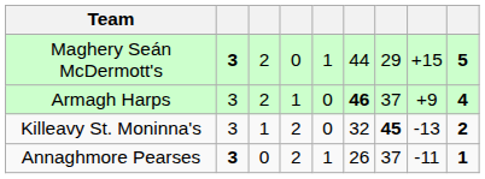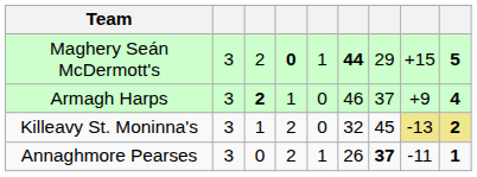 <table class="wikitable" style="text-align:center">
 <tr>
 <th style="width:175px;">Team</th>
 <th width="20"></th>
 <th width="20"></th>
 <th width="20"></th>
 <th width="20"></th>
 <th width="20"></th>
 <th width="20"></th>
 <th width="20"></th>
 <th width="20"></th>
 </tr>
 <tr style="background:#cfc;">
 <td>Maghery Seán McDermott's</td>
-<td><strong>3</strong></td>
+<td>3</td>
 <td>2</td>
-<td>0</td>
+<td><strong>0</strong></td>
 <td>1</td>
-<td>44</td>
+<td><strong>44</strong></td>
 <td>29</td>
 <td>+15</td>
 <td><strong>5</strong></td>
 </tr>
 <tr style="background:#cfc;">
 <td>Armagh Harps</td>
 <td>3</td>
-<td>2</td>
+<td><strong>2</strong></td>
 <td>1</td>
 <td>0</td>
-<td><strong>46</strong></td>
+<td>46</td>
 <td>37</td>
 <td>+9</td>
 <td><strong>4</strong></td>
 </tr>
 <tr>
 <td>Killeavy St. Moninna's</td>
 <td>3</td>
 <td>1</td>
 <td>2</td>
 <td>0</td>
 <td>32</td>
-<td><strong>45</strong></td>
-<td>-13</td>
-<td><strong>2</strong></td>
+<td>45</td>
+<td style="background: khaki;">-13</td>
+<td style="background: khaki;"><strong>2</strong></td>
 </tr>
 <tr>
 <td>Annaghmore Pearses</td>
-<td><strong>3</strong></td>
+<td>3</td>
 <td>0</td>
 <td>2</td>
 <td>1</td>
 <td>26</td>
-<td>37</td>
+<td><strong>37</strong></td>
 <td>-11</td>
 <td><strong>1</strong></td>
 </tr>
 </table>
